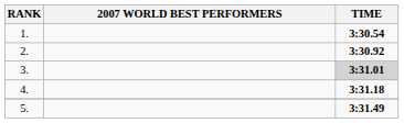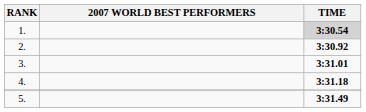 <table class="wikitable" style="border-collapse: collapse; font-size: 90%;">
 <tr>
 <th>RANK</th>
 <th align="center" style="width: 25em">2007 WORLD BEST PERFORMERS</th>
 <th align="center" style="width: 5em">TIME</th>
 </tr>
 <tr>
 <td align="center">1.</td>
 <td></td>
-<td align="center"><strong>3:30.54</strong></td>
+<td align="center" style="background: lightgrey;"><strong>3:30.54</strong></td>
 </tr>
 <tr>
 <td align="center">2.</td>
 <td></td>
 <td align="center"><strong>3:30.92</strong></td>
 </tr>
 <tr>
 <td align="center">3.</td>
 <td></td>
-<td align="center" style="background: lightgrey;"><strong>3:31.01</strong></td>
+<td align="center"><strong>3:31.01</strong></td>
 </tr>
 <tr>
 <td align="center">4.</td>
 <td></td>
 <td align="center"><strong>3:31.18</strong></td>
 </tr>
 <tr>
 </tr>
 <tr>
 <td align="center">5.</td>
 <td></td>
 <td align="center"><strong>3:31.49</strong></td>
 </tr>
 </table>
